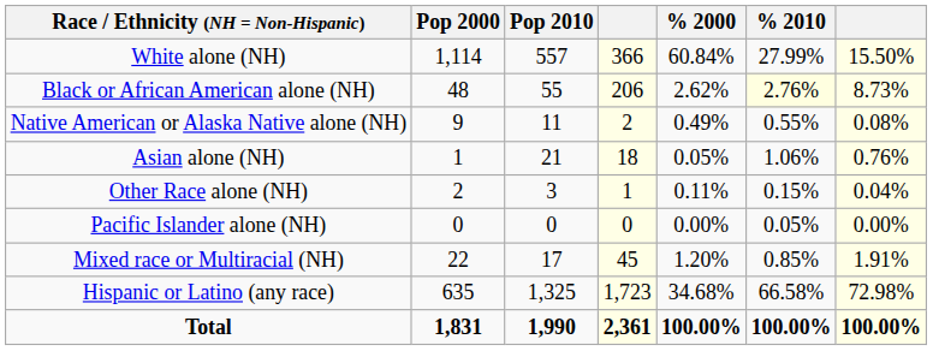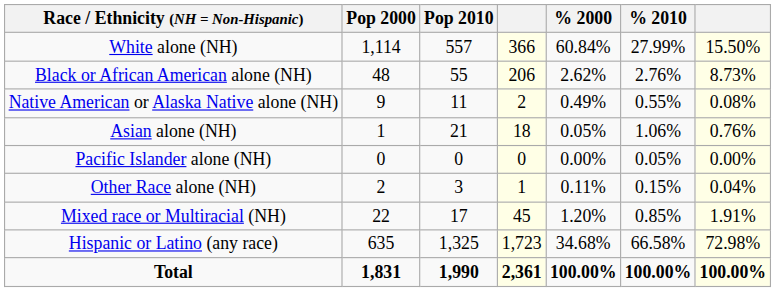 <table class="wikitable" style="text-align:center;">
 <tr>
 <th>Race / Ethnicity <small>(<em>NH = Non-Hispanic</em>)</small></th>
 <th>Pop 2000</th>
 <th>Pop 2010</th>
 <th></th>
 <th>% 2000</th>
 <th>% 2010</th>
 <th></th>
 </tr>
 <tr>
 <td><a href='#'>White</a> alone (NH)</td>
 <td>1,114</td>
 <td>557</td>
 <td style='background: #ffffe6;'>366</td>
 <td>60.84%</td>
 <td>27.99%</td>
 <td style='background: #ffffe6;'>15.50%</td>
 </tr>
 <tr>
 <td><a href='#'>Black or African American</a> alone (NH)</td>
 <td>48</td>
 <td>55</td>
 <td style='background: #ffffe6;'>206</td>
 <td>2.62%</td>
-<td style="background: lightyellow;">2.76%</td>
+<td>2.76%</td>
 <td style='background: #ffffe6;'>8.73%</td>
 </tr>
 <tr>
 <td><a href='#'>Native American</a> or <a href='#'>Alaska Native</a> alone (NH)</td>
 <td>9</td>
 <td>11</td>
 <td style='background: #ffffe6;'>2</td>
 <td>0.49%</td>
 <td>0.55%</td>
 <td style='background: #ffffe6;'>0.08%</td>
 </tr>
 <tr>
 <td><a href='#'>Asian</a> alone (NH)</td>
 <td>1</td>
 <td>21</td>
 <td style='background: #ffffe6;'>18</td>
 <td>0.05%</td>
 <td>1.06%</td>
 <td style='background: #ffffe6;'>0.76%</td>
 </tr>
 <tr>
+<td><a href='#'>Pacific Islander</a> alone (NH)</td>
+<td>0</td>
+<td>0</td>
+<td style='background: #ffffe6;'>0</td>
+<td>0.00%</td>
+<td>0.05%</td>
+<td style='background: #ffffe6;'>0.00%</td>
+</tr>
+<tr>
 <td><a href='#'>Other Race</a> alone (NH)</td>
 <td>2</td>
 <td>3</td>
 <td style='background: #ffffe6;'>1</td>
 <td>0.11%</td>
 <td>0.15%</td>
 <td style='background: #ffffe6;'>0.04%</td>
-</tr>
-<tr>
-<td><a href='#'>Pacific Islander</a> alone (NH)</td>
-<td>0</td>
-<td>0</td>
-<td style='background: #ffffe6;'>0</td>
-<td>0.00%</td>
-<td>0.05%</td>
-<td style='background: #ffffe6;'>0.00%</td>
 </tr>
 <tr>
 <td><a href='#'>Mixed race or Multiracial</a> (NH)</td>
 <td>22</td>
 <td>17</td>
 <td style='background: #ffffe6;'>45</td>
 <td>1.20%</td>
 <td>0.85%</td>
 <td style='background: #ffffe6;'>1.91%</td>
 </tr>
 <tr>
 <td><a href='#'>Hispanic or Latino</a> (any race)</td>
 <td>635</td>
 <td>1,325</td>
 <td style='background: #ffffe6;'>1,723</td>
 <td>34.68%</td>
 <td>66.58%</td>
 <td style='background: #ffffe6;'>72.98%</td>
 </tr>
 <tr>
 <td><strong>Total</strong></td>
 <td><strong>1,831</strong></td>
 <td><strong>1,990</strong></td>
 <td style='background: #ffffe6;'><strong>2,361</strong></td>
 <td><strong>100.00%</strong></td>
 <td><strong>100.00%</strong></td>
 <td style='background: #ffffe6;'><strong>100.00%</strong></td>
 </tr>
 </table>
